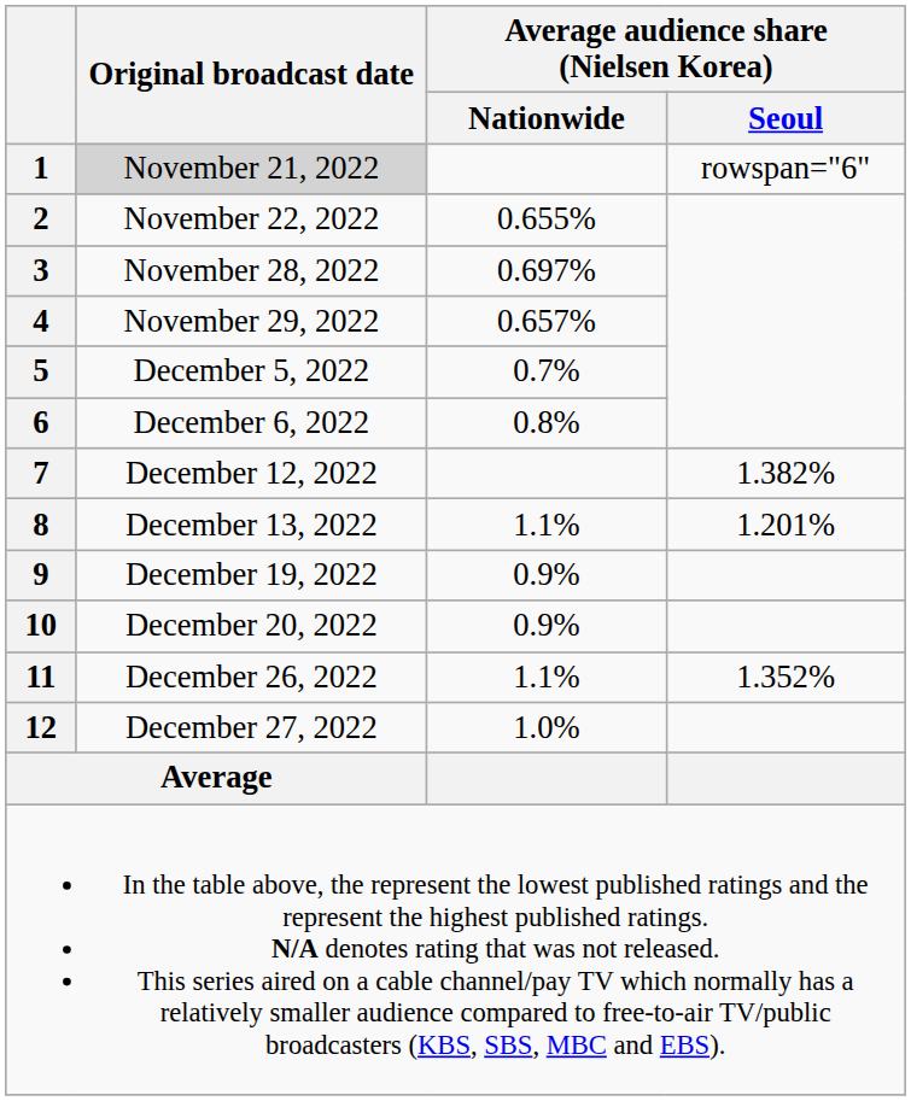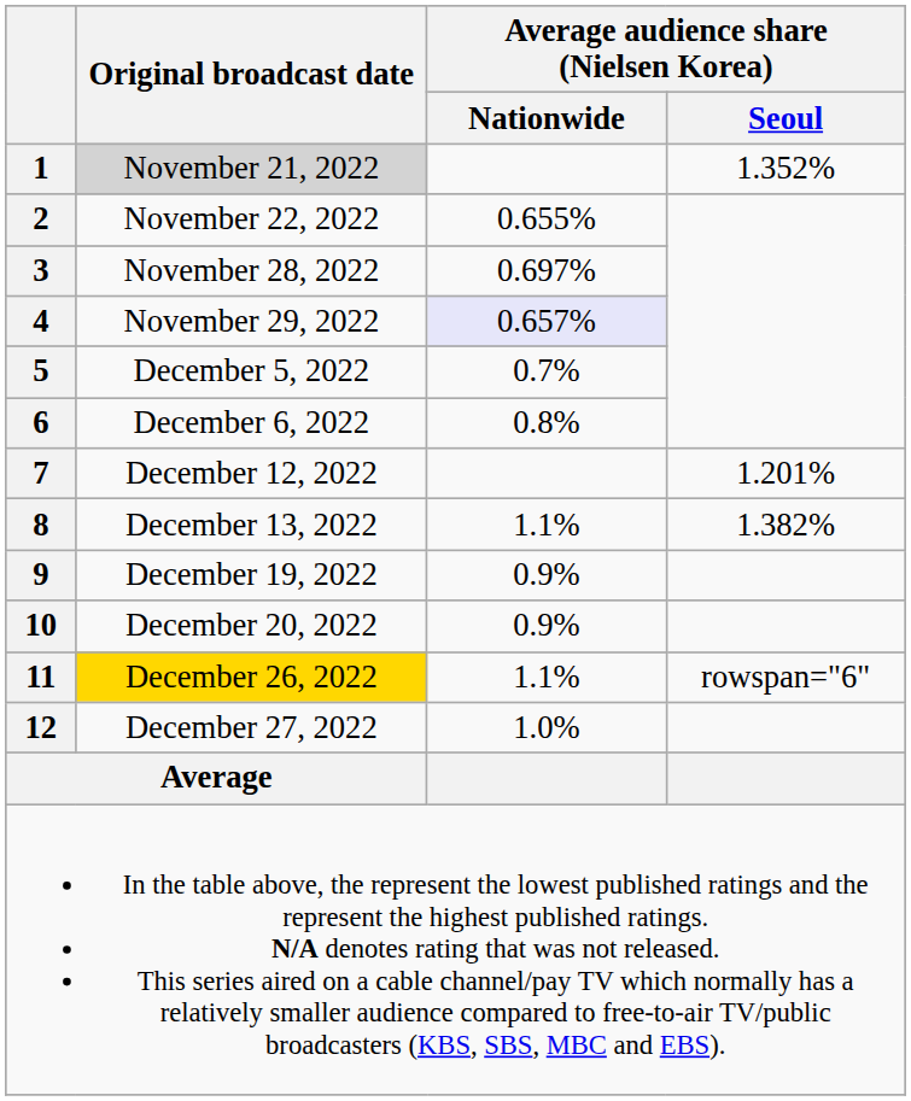 <table class="wikitable" style="width:450px; text-align:center">
 <tr>
 <th rowspan="2" scope="col"></th>
 <th rowspan="2" scope="col">Original broadcast date</th>
 <th colspan="2" scope="col">Average audience share<br>(Nielsen Korea)</th>
 </tr>
 <tr>
 <th scope="col" style="width:7em">Nationwide</th>
 <th scope="col" style="width:7em"><a href='#'>Seoul</a></th>
 </tr>
 <tr>
 <th>1</th>
 <td style="background: lightgrey;">November 21, 2022</td>
 <td><strong></strong></td>
-<td>rowspan="6" </td>
+<td>1.352%</td>
 </tr>
 <tr>
 <th>2</th>
 <td>November 22, 2022</td>
 <td>0.655%</td>
 </tr>
 <tr>
 <th>3</th>
 <td>November 28, 2022</td>
 <td>0.697%</td>
 </tr>
 <tr>
 <th>4</th>
 <td>November 29, 2022</td>
-<td>0.657%</td>
+<td style="background: lavender;">0.657%</td>
 </tr>
 <tr>
 <th>5</th>
 <td>December 5, 2022</td>
 <td>0.7%</td>
 </tr>
 <tr>
 <th>6</th>
 <td>December 6, 2022</td>
 <td>0.8%</td>
 </tr>
 <tr>
 <th>7</th>
 <td>December 12, 2022</td>
 <td><strong></strong></td>
-<td>1.382%</td>
+<td>1.201%</td>
 </tr>
 <tr>
 <th>8</th>
 <td>December 13, 2022</td>
 <td>1.1%</td>
-<td>1.201%</td>
+<td>1.382%</td>
 </tr>
 <tr>
 <th>9</th>
 <td>December 19, 2022</td>
 <td>0.9%</td>
 <td></td>
 </tr>
 <tr>
 <th>10</th>
 <td>December 20, 2022</td>
 <td>0.9%</td>
 <td><strong></strong></td>
 </tr>
 <tr>
 <th>11</th>
-<td>December 26, 2022</td>
+<td style="background: gold;">December 26, 2022</td>
 <td>1.1%</td>
-<td>1.352%</td>
+<td>rowspan="6" </td>
 </tr>
 <tr>
 <th>12</th>
 <td>December 27, 2022</td>
 <td>1.0%</td>
 <td><strong></strong></td>
 </tr>
 <tr>
 <th colspan="2" scope="col">Average</th>
 <th></th>
 <th></th>
 </tr>
 <tr>
 <td colspan="4" style="font-size:85%"><br><ul><li>In the table above, the <strong></strong> represent the lowest published ratings and the <strong></strong> represent the highest published ratings.</li><li><strong>N/A</strong> denotes rating that was not released.</li><li>This series aired on a cable channel/pay TV which normally has a relatively smaller audience compared to free-to-air TV/public broadcasters (<a href='#'>KBS</a>, <a href='#'>SBS</a>, <a href='#'>MBC</a> and <a href='#'>EBS</a>).</li></ul></td>
 </tr>
 </table>
